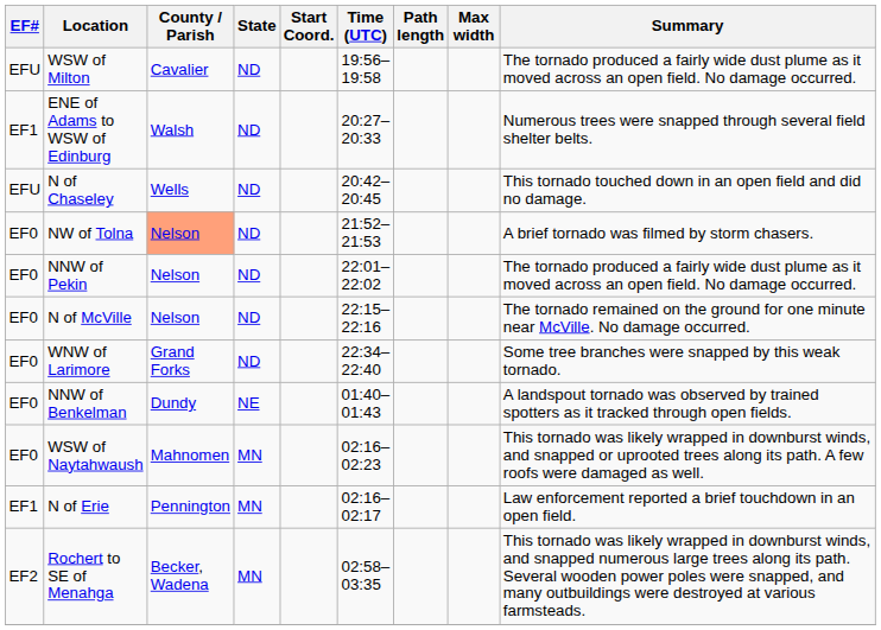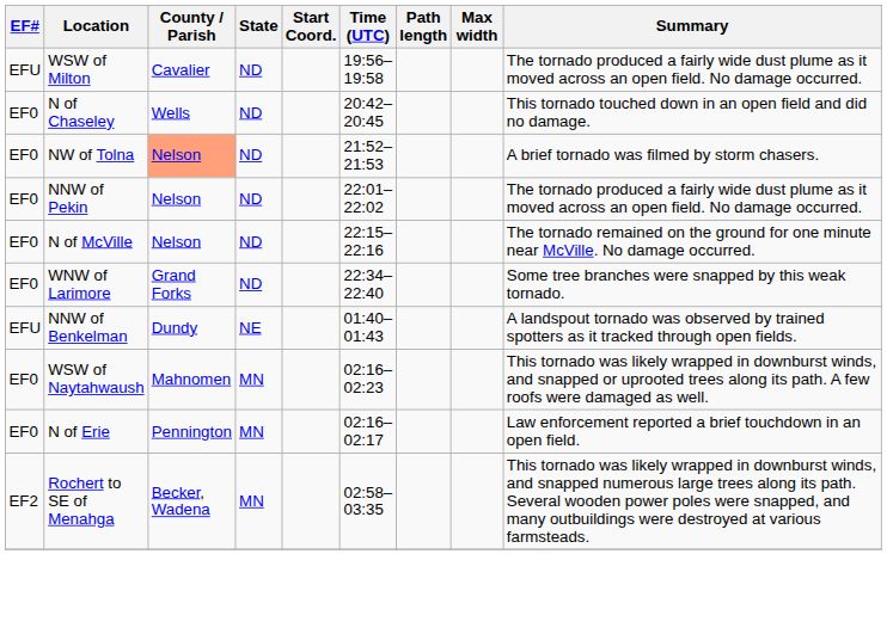 <table class="wikitable sortable" style="width:100%;">
 <tr>
 <th scope="col"  style="width:3%; text-align:center;"><a href='#'>EF#</a></th>
 <th scope="col"  style="width:7%; text-align:center;" class="unsortable">Location</th>
 <th scope="col"  style="width:6%; text-align:center;" class="unsortable">County / Parish</th>
 <th scope="col"  style="width:5%; text-align:center;">State</th>
 <th scope="col"  style="width:6%; text-align:center;">Start Coord.</th>
 <th scope="col"  style="width:6%; text-align:center;">Time (<a href='#'>UTC</a>)</th>
 <th scope="col"  style="width:6%; text-align:center;">Path length</th>
 <th scope="col"  style="width:6%; text-align:center;">Max width</th>
 <th scope="col" class="unsortable" style="width:48%; text-align:center;">Summary</th>
 </tr>
 <tr>
 <td>EFU</td>
 <td>WSW of <a href='#'>Milton</a></td>
 <td><a href='#'>Cavalier</a></td>
 <td><a href='#'>ND</a></td>
 <td></td>
 <td>19:56–19:58</td>
 <td></td>
 <td></td>
 <td>The tornado produced a fairly wide dust plume as it moved across an open field. No damage occurred.</td>
 </tr>
 <tr>
-<td>EF1</td>
-<td>ENE of <a href='#'>Adams</a> to WSW of <a href='#'>Edinburg</a></td>
-<td><a href='#'>Walsh</a></td>
-<td><a href='#'>ND</a></td>
-<td></td>
-<td>20:27–20:33</td>
-<td></td>
-<td></td>
-<td>Numerous trees were snapped through several field shelter belts.</td>
-</tr>
-<tr>
-<td>EFU</td>
+<td>EF0</td>
 <td>N of <a href='#'>Chaseley</a></td>
 <td><a href='#'>Wells</a></td>
 <td><a href='#'>ND</a></td>
 <td></td>
 <td>20:42–20:45</td>
 <td></td>
 <td></td>
 <td>This tornado touched down in an open field and did no damage.</td>
 </tr>
 <tr>
 <td>EF0</td>
 <td>NW of <a href='#'>Tolna</a></td>
 <td style="background: lightsalmon;"><a href='#'>Nelson</a></td>
 <td><a href='#'>ND</a></td>
 <td></td>
 <td>21:52–21:53</td>
 <td></td>
 <td></td>
 <td>A brief tornado was filmed by storm chasers.</td>
 </tr>
 <tr>
 <td>EF0</td>
 <td>NNW of <a href='#'>Pekin</a></td>
 <td><a href='#'>Nelson</a></td>
 <td><a href='#'>ND</a></td>
 <td></td>
 <td>22:01–22:02</td>
 <td></td>
 <td></td>
 <td>The tornado produced a fairly wide dust plume as it moved across an open field. No damage occurred.</td>
 </tr>
 <tr>
 <td>EF0</td>
 <td>N of <a href='#'>McVille</a></td>
 <td><a href='#'>Nelson</a></td>
 <td><a href='#'>ND</a></td>
 <td></td>
 <td>22:15–22:16</td>
 <td></td>
 <td></td>
 <td>The tornado remained on the ground for one minute near <a href='#'>McVille</a>. No damage occurred.</td>
 </tr>
 <tr>
 <td>EF0</td>
 <td>WNW of <a href='#'>Larimore</a></td>
 <td><a href='#'>Grand Forks</a></td>
 <td><a href='#'>ND</a></td>
 <td></td>
 <td>22:34–22:40</td>
 <td></td>
 <td></td>
 <td>Some tree branches were snapped by this weak tornado.</td>
 </tr>
 <tr>
-<td>EF0</td>
+<td>EFU</td>
 <td>NNW of <a href='#'>Benkelman</a></td>
 <td><a href='#'>Dundy</a></td>
 <td><a href='#'>NE</a></td>
 <td></td>
 <td>01:40–01:43</td>
 <td></td>
 <td></td>
 <td>A landspout tornado was observed by trained spotters as it tracked through open fields.</td>
 </tr>
 <tr>
 <td>EF0</td>
 <td>WSW of <a href='#'>Naytahwaush</a></td>
 <td><a href='#'>Mahnomen</a></td>
 <td><a href='#'>MN</a></td>
 <td></td>
 <td>02:16–02:23</td>
 <td></td>
 <td></td>
 <td>This tornado was likely wrapped in downburst winds, and snapped or uprooted trees along its path. A few roofs were damaged as well.</td>
 </tr>
 <tr>
-<td>EF1</td>
+<td>EF0</td>
 <td>N of <a href='#'>Erie</a></td>
 <td><a href='#'>Pennington</a></td>
 <td><a href='#'>MN</a></td>
 <td></td>
 <td>02:16–02:17</td>
 <td></td>
 <td></td>
 <td>Law enforcement reported a brief touchdown in an open field.</td>
 </tr>
 <tr>
 <td>EF2</td>
 <td><a href='#'>Rochert</a> to SE of <a href='#'>Menahga</a></td>
 <td><a href='#'>Becker</a>, <a href='#'>Wadena</a></td>
 <td><a href='#'>MN</a></td>
 <td></td>
 <td>02:58–03:35</td>
 <td></td>
 <td></td>
 <td>This tornado was likely wrapped in downburst winds, and snapped numerous large trees along its path. Several wooden power poles were snapped, and many outbuildings were destroyed at various farmsteads.</td>
 </tr>
 <tr>
 </tr>
 </table>
